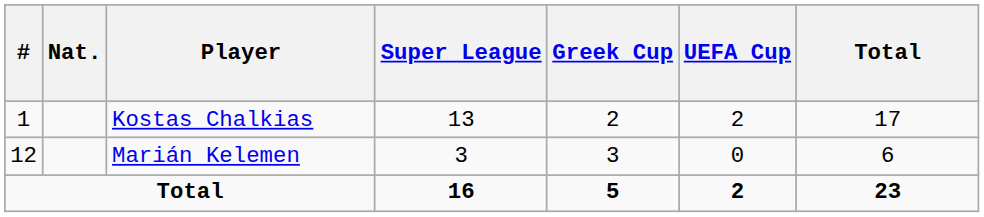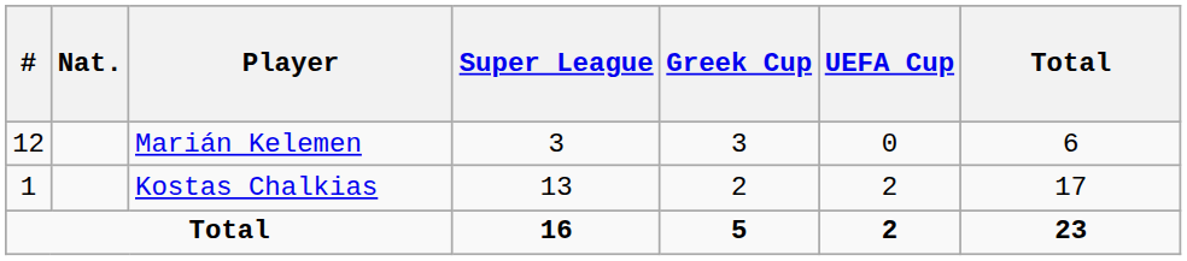 <table class="wikitable sortable alternance" ; style="text-align:center; ">
 <tr>
 <th height=50>#</th>
 <th width=10>Nat.</th>
 <th width=150>Player</th>
 <th height=50><a href='#'>Super League</a></th>
 <th height=50><a href='#'>Greek Cup</a></th>
 <th height=50><a href='#'>UEFA Cup</a></th>
 <th width=100>Total</th>
 </tr>
 <tr>
+<td>12</td>
+<td></td>
+<td align="left"><a href='#'>Marián Kelemen</a></td>
+<td>3</td>
+<td>3</td>
+<td>0</td>
+<td>6</td>
+</tr>
+<tr>
 <td>1</td>
 <td></td>
 <td align="left"><a href='#'>Kostas Chalkias</a></td>
 <td>13</td>
 <td>2</td>
 <td>2</td>
 <td>17</td>
-</tr>
-<tr>
-<td>12</td>
-<td></td>
-<td align="left"><a href='#'>Marián Kelemen</a></td>
-<td>3</td>
-<td>3</td>
-<td>0</td>
-<td>6</td>
 </tr>
 <tr class="sortbottom">
 <td colspan="3"><strong>Total</strong></td>
 <td><strong>16</strong></td>
 <td><strong>5</strong></td>
 <td><strong>2</strong></td>
 <td><strong>23</strong></td>
 </tr>
 </table>
